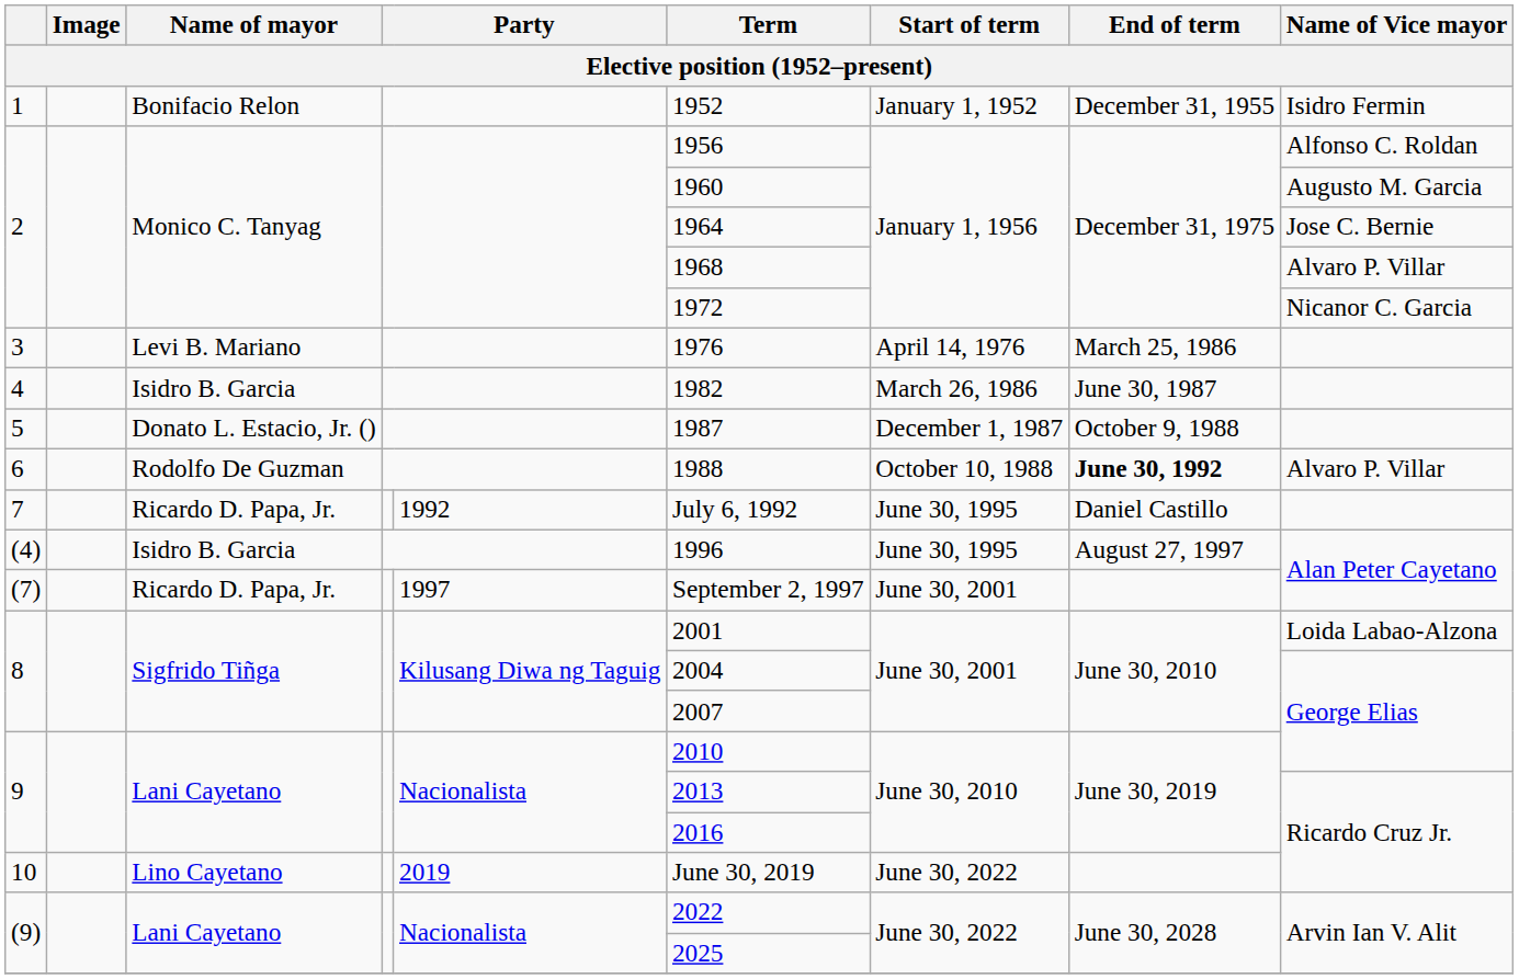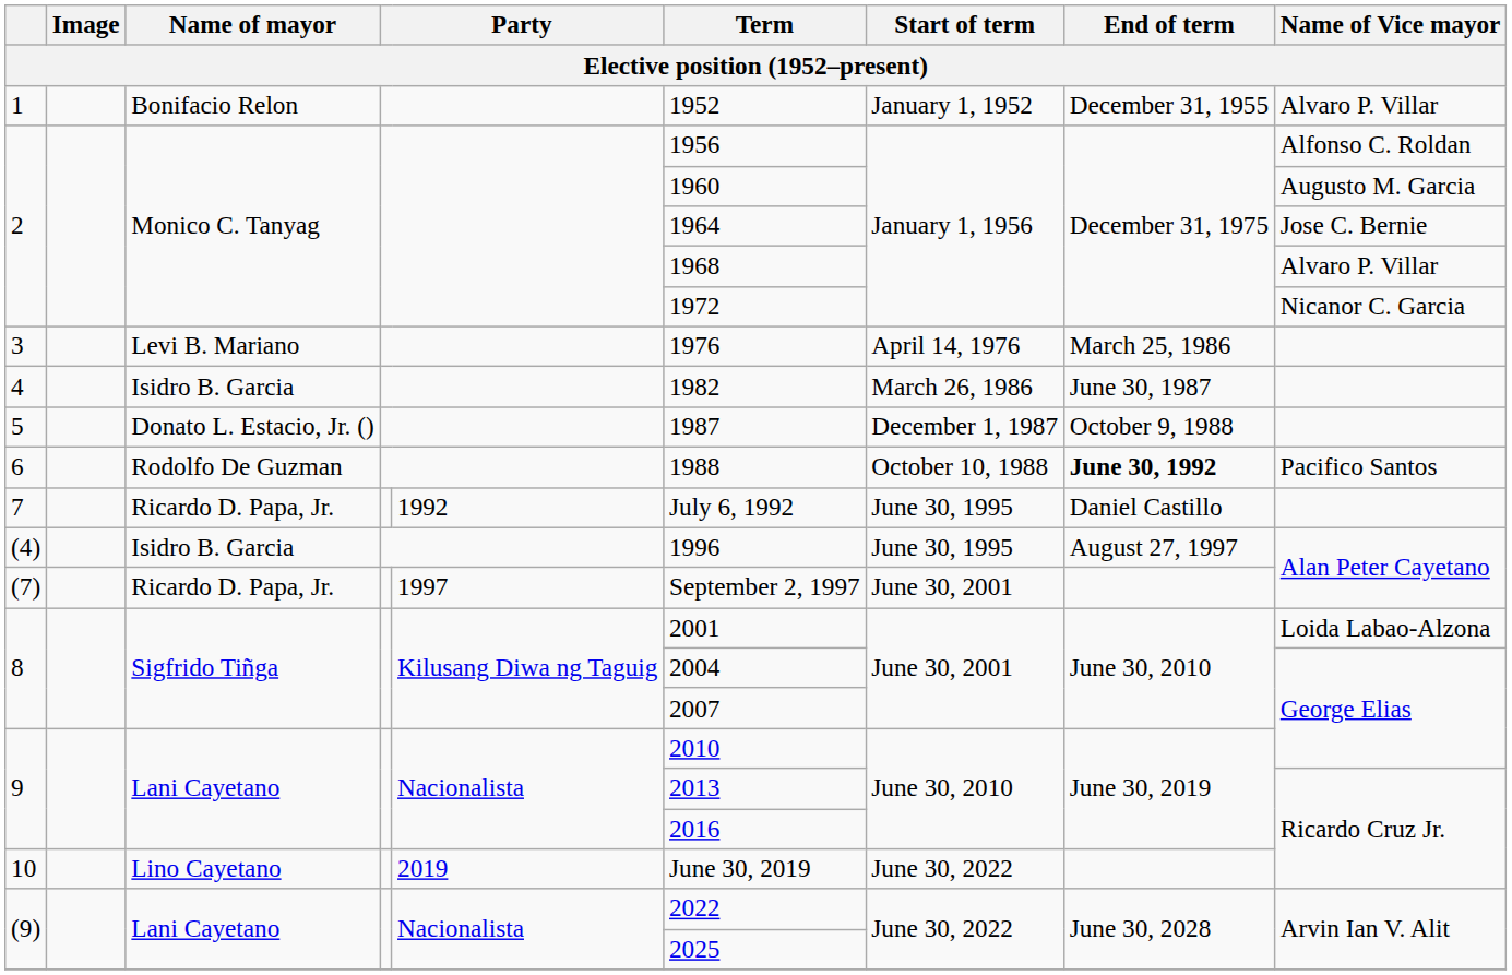 <table class="wikitable">
 <tr>
 <th></th>
 <th>Image</th>
 <th>Name of mayor</th>
 <th colspan="2">Party</th>
 <th>Term</th>
 <th>Start of term</th>
 <th>End of term</th>
 <th>Name of Vice mayor</th>
 </tr>
 <tr>
 <th colspan="10">Elective position (1952–present)</th>
 </tr>
 <tr>
 <td>1</td>
 <td></td>
 <td>Bonifacio Relon</td>
 <td colspan="2"></td>
 <td>1952</td>
 <td>January 1, 1952</td>
 <td>December 31, 1955</td>
-<td>Isidro Fermin</td>
+<td>Alvaro P. Villar</td>
 </tr>
 <tr>
 <td rowspan="5">2</td>
 <td rowspan="5"></td>
 <td rowspan="5">Monico C. Tanyag</td>
 <td rowspan="5" colspan="2"></td>
 <td>1956</td>
 <td rowspan="5">January 1, 1956</td>
 <td rowspan="5">December 31, 1975</td>
 <td>Alfonso C. Roldan</td>
 </tr>
 <tr>
 <td>1960</td>
 <td>Augusto M. Garcia</td>
 </tr>
 <tr>
 <td>1964</td>
 <td>Jose C. Bernie</td>
 </tr>
 <tr>
 <td>1968</td>
 <td>Alvaro P. Villar</td>
 </tr>
 <tr>
 <td>1972</td>
 <td>Nicanor C. Garcia</td>
 </tr>
 <tr>
 <td>3</td>
 <td></td>
 <td>Levi B. Mariano</td>
 <td colspan="2"></td>
 <td>1976</td>
 <td>April 14, 1976</td>
 <td>March 25, 1986</td>
 <td></td>
 </tr>
 <tr>
 <td>4</td>
 <td></td>
 <td>Isidro B. Garcia</td>
 <td colspan="2"></td>
 <td>1982</td>
 <td>March 26, 1986</td>
 <td>June 30, 1987</td>
 <td></td>
 </tr>
 <tr>
 <td>5</td>
 <td></td>
 <td>Donato L. Estacio, Jr. ()</td>
 <td colspan="2"></td>
 <td>1987</td>
 <td>December 1, 1987</td>
 <td>October 9, 1988</td>
 <td></td>
 </tr>
 <tr>
 <td>6</td>
 <td></td>
 <td>Rodolfo De Guzman</td>
 <td colspan="2"></td>
 <td>1988</td>
 <td>October 10, 1988</td>
 <td><strong>June 30, 1992</strong></td>
-<td>Alvaro P. Villar</td>
+<td>Pacifico Santos</td>
 </tr>
 <tr>
 <td>7</td>
 <td></td>
 <td>Ricardo D. Papa, Jr.</td>
 <td></td>
 <td>1992</td>
 <td>July 6, 1992</td>
 <td>June 30, 1995</td>
 <td>Daniel Castillo</td>
 </tr>
 <tr>
 <td>(4)</td>
 <td></td>
 <td>Isidro B. Garcia</td>
 <td colspan="2"></td>
 <td>1996</td>
 <td>June 30, 1995</td>
 <td>August 27, 1997</td>
 <td rowspan="2"><a href='#'>Alan Peter Cayetano</a></td>
 </tr>
 <tr>
 <td>(7)</td>
 <td></td>
 <td>Ricardo D. Papa, Jr.</td>
 <td></td>
 <td>1997</td>
 <td>September 2, 1997</td>
 <td>June 30, 2001</td>
 </tr>
 <tr>
 <td rowspan="3">8</td>
 <td rowspan="3"></td>
 <td rowspan="3"><a href='#'>Sigfrido Tiñga</a></td>
 <td rowspan="3"></td>
 <td rowspan="3"><a href='#'>Kilusang Diwa ng Taguig</a></td>
 <td>2001</td>
 <td rowspan="3">June 30, 2001</td>
 <td rowspan="3">June 30, 2010</td>
 <td>Loida Labao-Alzona</td>
 </tr>
 <tr>
 <td>2004</td>
 <td rowspan="3"><a href='#'>George Elias</a></td>
 </tr>
 <tr>
 <td>2007</td>
 </tr>
 <tr>
 <td rowspan="3">9</td>
 <td rowspan="3"></td>
 <td rowspan="3"><a href='#'>Lani Cayetano</a></td>
 <td rowspan="3"></td>
 <td rowspan="3"><a href='#'>Nacionalista</a></td>
 <td><a href='#'>2010</a></td>
 <td rowspan="3">June 30, 2010</td>
 <td rowspan="3">June 30, 2019</td>
 </tr>
 <tr>
 <td><a href='#'>2013</a></td>
 <td rowspan="3">Ricardo Cruz Jr.</td>
 </tr>
 <tr>
 <td><a href='#'>2016</a></td>
 </tr>
 <tr>
 <td>10</td>
 <td></td>
 <td><a href='#'>Lino Cayetano</a></td>
 <td></td>
 <td><a href='#'>2019</a></td>
 <td>June 30, 2019</td>
 <td>June 30, 2022</td>
 </tr>
 <tr>
 <td rowspan="2">(9)</td>
 <td rowspan="2"></td>
 <td rowspan="2"><a href='#'>Lani Cayetano</a></td>
 <td rowspan="2"></td>
 <td rowspan="2"><a href='#'>Nacionalista</a></td>
 <td><a href='#'>2022</a></td>
 <td rowspan="2">June 30, 2022</td>
 <td rowspan="2">June 30, 2028</td>
 <td rowspan="2">Arvin Ian V. Alit</td>
 </tr>
 <tr>
 <td><a href='#'>2025</a></td>
 </tr>
 <tr>
 </tr>
 </table>
